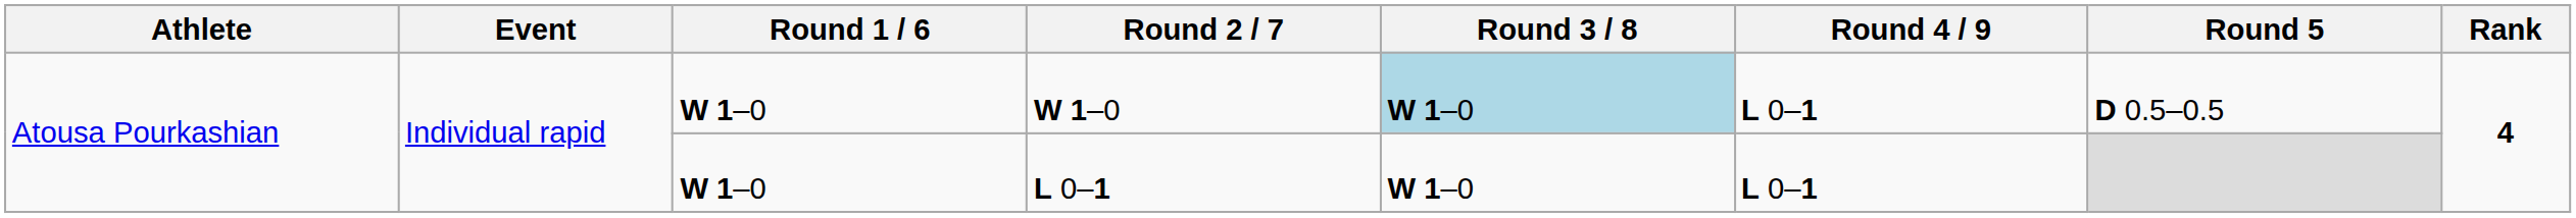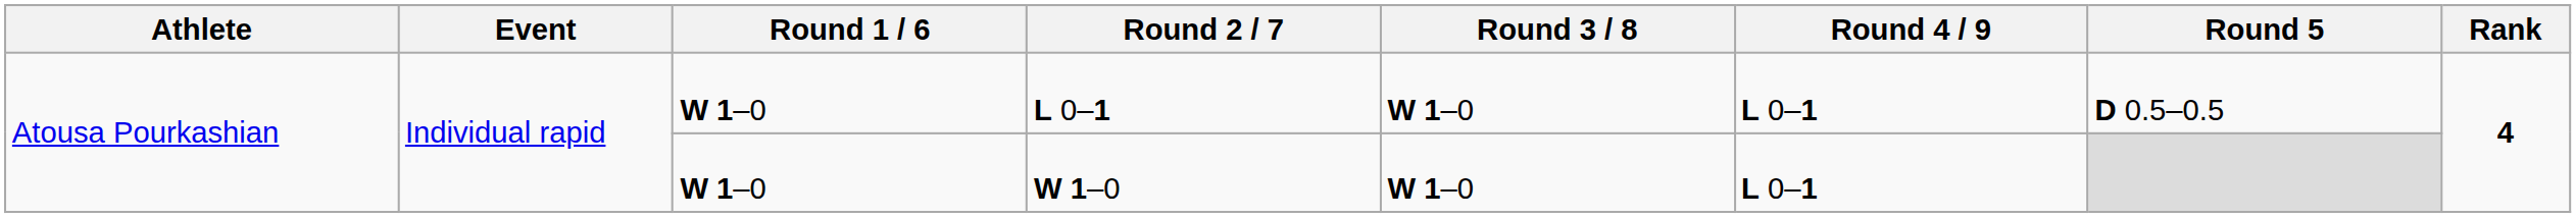 <table class="wikitable" width="98%" style="text-align:left; font-size:90%">
 <tr>
 <th width="10%">Athlete</th>
 <th width="7%">Event</th>
 <th width="9%">Round 1 / 6</th>
 <th width="9%">Round 2 / 7</th>
 <th width="9%">Round 3 / 8</th>
 <th width="9%">Round 4 / 9</th>
 <th width="9%">Round 5</th>
 <th width="3%">Rank</th>
 </tr>
 <tr>
 <td rowspan=2><a href='#'>Atousa Pourkashian</a></td>
 <td rowspan=2><a href='#'>Individual rapid</a></td>
 <td><br><strong>W</strong> <strong>1</strong>–0</td>
+<td><br><strong>L</strong> 0–<strong>1</strong></td>
 <td><br><strong>W</strong> <strong>1</strong>–0</td>
-<td style="background: lightblue;"><br><strong>W</strong> <strong>1</strong>–0</td>
 <td><br><strong>L</strong> 0–<strong>1</strong></td>
 <td><br><strong>D</strong> 0.5–0.5</td>
 <td rowspan=2 align=center><strong>4</strong></td>
 </tr>
 <tr>
 <td><br><strong>W</strong> <strong>1</strong>–0</td>
-<td><br><strong>L</strong> 0–<strong>1</strong></td>
+<td><br><strong>W</strong> <strong>1</strong>–0</td>
 <td><br><strong>W</strong> <strong>1</strong>–0</td>
 <td><br><strong>L</strong> 0–<strong>1</strong></td>
 <td bgcolor=#DCDCDC></td>
 </tr>
 </table>
